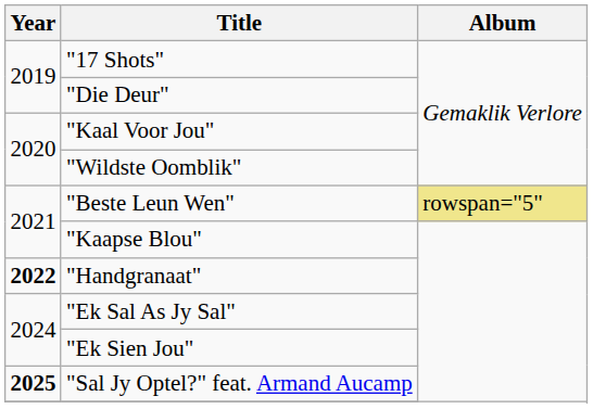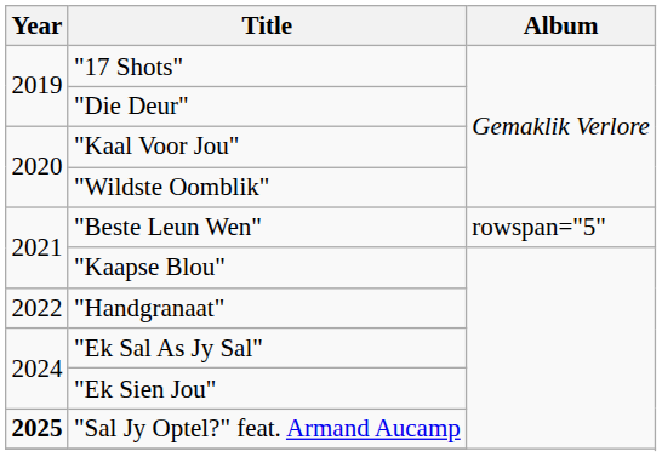 <table class="wikitable">
 <tr>
 <th>Year</th>
 <th>Title</th>
 <th>Album</th>
 </tr>
 <tr>
 <td rowspan="2">2019</td>
 <td>"17 Shots"</td>
 <td rowspan="4"><em>Gemaklik Verlore</em></td>
 </tr>
 <tr>
 <td>"Die Deur"</td>
 </tr>
 <tr>
 <td rowspan="2">2020</td>
 <td>"Kaal Voor Jou"</td>
 </tr>
 <tr>
 <td>"Wildste Oomblik"</td>
 </tr>
 <tr>
 <td rowspan="2">2021</td>
 <td>"Beste Leun Wen"</td>
-<td style="background: khaki;">rowspan="5" </td>
+<td>rowspan="5" </td>
 </tr>
 <tr>
 <td>"Kaapse Blou"</td>
 </tr>
 <tr>
-<td><strong>2022</strong></td>
+<td>2022</td>
 <td>"Handgranaat"</td>
 </tr>
 <tr>
 <td rowspan="2">2024</td>
 <td>"Ek Sal As Jy Sal"</td>
 </tr>
 <tr>
 <td>"Ek Sien Jou"</td>
 </tr>
 <tr>
 <td><strong>2025</strong></td>
 <td>"Sal Jy Optel?" feat. <a href='#'>Armand Aucamp</a></td>
 </tr>
 <tr>
 </tr>
 </table>
